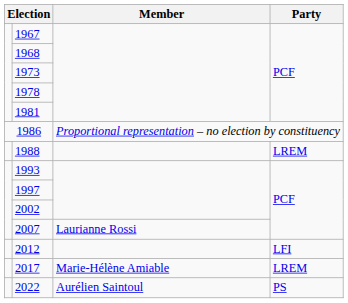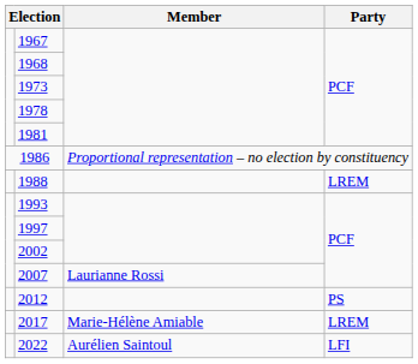 <table class="wikitable">
 <tr>
 <th colspan="2">Election</th>
 <th>Member</th>
 <th>Party</th>
 </tr>
 <tr>
 <td rowspan="5" style="color:inherit;background-color: "></td>
 <td><a href='#'>1967</a></td>
 <td rowspan="5"></td>
 <td rowspan="5"><a href='#'>PCF</a></td>
 </tr>
 <tr>
 <td><a href='#'>1968</a></td>
 </tr>
 <tr>
 <td><a href='#'>1973</a></td>
 </tr>
 <tr>
 <td><a href='#'>1978</a></td>
 </tr>
 <tr>
 <td><a href='#'>1981</a></td>
 </tr>
 <tr>
 <td colspan="2" align="center"><a href='#'>1986</a></td>
 <td colspan="2"><em><a href='#'>Proportional representation</a> – no election by constituency</em></td>
 </tr>
 <tr>
 <td style="color:inherit;background-color: "></td>
 <td><a href='#'>1988</a></td>
 <td></td>
 <td><a href='#'>LREM</a></td>
 </tr>
 <tr>
 <td rowspan="4" style="color:inherit;background-color: "></td>
 <td><a href='#'>1993</a></td>
 <td rowspan="3"></td>
 <td rowspan="4"><a href='#'>PCF</a></td>
 </tr>
 <tr>
 <td><a href='#'>1997</a></td>
 </tr>
 <tr>
 <td><a href='#'>2002</a></td>
 </tr>
 <tr>
 <td><a href='#'>2007</a></td>
 <td><a href='#'>Laurianne Rossi</a></td>
 </tr>
 <tr>
 <td style="color:inherit;background-color: "></td>
 <td><a href='#'>2012</a></td>
 <td></td>
-<td><a href='#'>LFI</a></td>
+<td><a href='#'>PS</a></td>
 </tr>
 <tr>
 <td style="color:inherit;background-color: "></td>
 <td><a href='#'>2017</a></td>
 <td><a href='#'>Marie-Hélène Amiable</a></td>
 <td><a href='#'>LREM</a></td>
 </tr>
 <tr>
 <td style="color:inherit;background-color: "></td>
 <td><a href='#'>2022</a></td>
 <td><a href='#'>Aurélien Saintoul</a></td>
-<td><a href='#'>PS</a></td>
+<td><a href='#'>LFI</a></td>
 </tr>
 </table>
